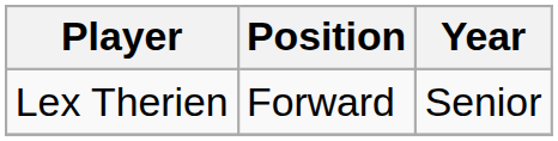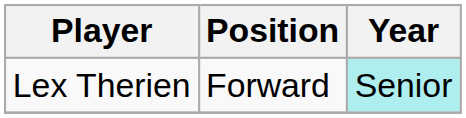 <table class="wikitable" border="1">
 <tr align=center>
 <th>Player</th>
 <th>Position</th>
 <th>Year</th>
 </tr>
 <tr>
 <td>Lex Therien</td>
 <td>Forward</td>
-<td>Senior</td>
+<td style="background: paleturquoise;">Senior</td>
 </tr>
 <tr>
 </tr>
 </table>
